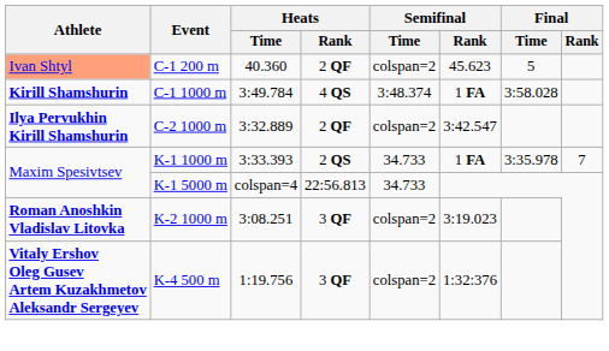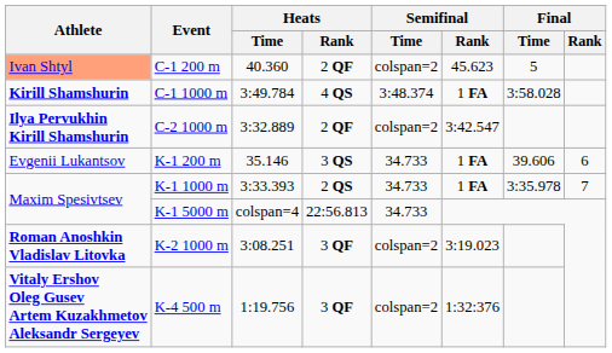 <table class="wikitable" style="text-align:center; font-size:90%">
 <tr>
 <th rowspan=2>Athlete</th>
 <th rowspan=2>Event</th>
 <th colspan=2>Heats</th>
 <th colspan=2>Semifinal</th>
 <th colspan=2>Final</th>
 </tr>
 <tr style="font-size:95%">
 <th>Time</th>
 <th>Rank</th>
 <th>Time</th>
 <th>Rank</th>
 <th>Time</th>
 <th>Rank</th>
 </tr>
 <tr>
 <td align=left style="background: lightsalmon;"><a href='#'>Ivan Shtyl</a></td>
 <td align=left><a href='#'>C-1 200 m</a></td>
 <td>40.360</td>
 <td>2 <strong>QF</strong></td>
 <td>colspan=2 </td>
 <td>45.623</td>
 <td>5</td>
 </tr>
 <tr>
 <td align=left><strong><a href='#'>Kirill Shamshurin</a></strong></td>
 <td align=left><a href='#'>C-1 1000 m</a></td>
 <td>3:49.784</td>
 <td>4 <strong>QS</strong></td>
 <td>3:48.374</td>
 <td>1 <strong>FA</strong></td>
 <td>3:58.028</td>
 <td></td>
 </tr>
 <tr>
 <td align=left><strong><a href='#'>Ilya Pervukhin</a><br><a href='#'>Kirill Shamshurin</a></strong></td>
 <td align=left><a href='#'>C-2 1000 m</a></td>
 <td>3:32.889</td>
 <td>2 <strong>QF</strong></td>
 <td>colspan=2 </td>
 <td>3:42.547</td>
 <td></td>
 </tr>
 <tr>
+<td align=left><a href='#'>Evgenii Lukantsov</a></td>
+<td align=left><a href='#'>K-1 200 m</a></td>
+<td>35.146</td>
+<td>3 <strong>QS</strong></td>
+<td>34.733</td>
+<td>1 <strong>FA</strong></td>
+<td>39.606</td>
+<td>6</td>
+</tr>
+<tr>
 <td rowspan=2 align=left><a href='#'>Maxim Spesivtsev</a></td>
 <td align=left><a href='#'>K-1 1000 m</a></td>
 <td>3:33.393</td>
 <td>2 <strong>QS</strong></td>
 <td>34.733</td>
 <td>1 <strong>FA</strong></td>
 <td>3:35.978</td>
 <td>7</td>
 </tr>
 <tr>
 <td align=left><a href='#'>K-1 5000 m</a></td>
 <td>colspan=4 </td>
 <td>22:56.813</td>
 <td>34.733</td>
 </tr>
 <tr>
 <td align=left><strong><a href='#'>Roman Anoshkin</a><br><a href='#'>Vladislav Litovka</a></strong></td>
 <td align=left><a href='#'>K-2 1000 m</a></td>
 <td>3:08.251</td>
 <td>3 <strong>QF</strong></td>
 <td>colspan=2 </td>
 <td>3:19.023</td>
 <td></td>
 </tr>
 <tr>
 <td align=left><strong><a href='#'>Vitaly Ershov</a><br><a href='#'>Oleg Gusev</a><br><a href='#'>Artem Kuzakhmetov</a><br><a href='#'>Aleksandr Sergeyev</a></strong></td>
 <td align=left><a href='#'>K-4 500 m</a></td>
 <td>1:19.756</td>
 <td>3 <strong>QF</strong></td>
 <td>colspan=2 </td>
 <td>1:32:376</td>
 <td></td>
 </tr>
 </table>
